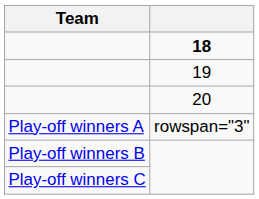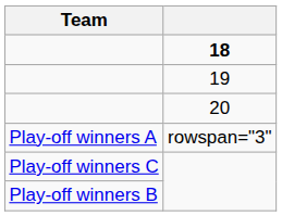 <table class="wikitable" style="white-space:nowrap; display:inline-table;">
 <tr>
 <th style="width:130px">Team</th>
 <th></th>
 </tr>
 <tr>
 <td></td>
 <td style="text-align:center"><strong>18</strong></td>
 </tr>
 <tr>
 <td></td>
 <td style="text-align:center">19</td>
 </tr>
 <tr>
 <td></td>
 <td style="text-align:center">20</td>
 </tr>
 <tr>
 <td><a href='#'>Play-off winners A</a></td>
 <td>rowspan="3"</td>
 </tr>
 <tr>
+<td><a href='#'>Play-off winners C</a></td>
+</tr>
+<tr>
 <td><a href='#'>Play-off winners B</a></td>
 </tr>
-<tr>
-<td><a href='#'>Play-off winners C</a></td>
-</tr>
 </table>
